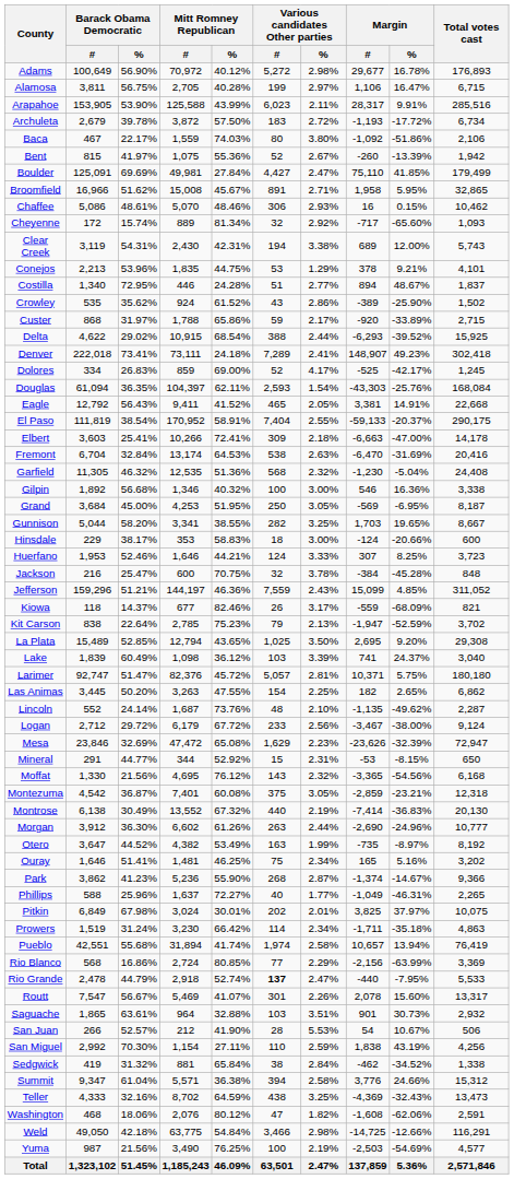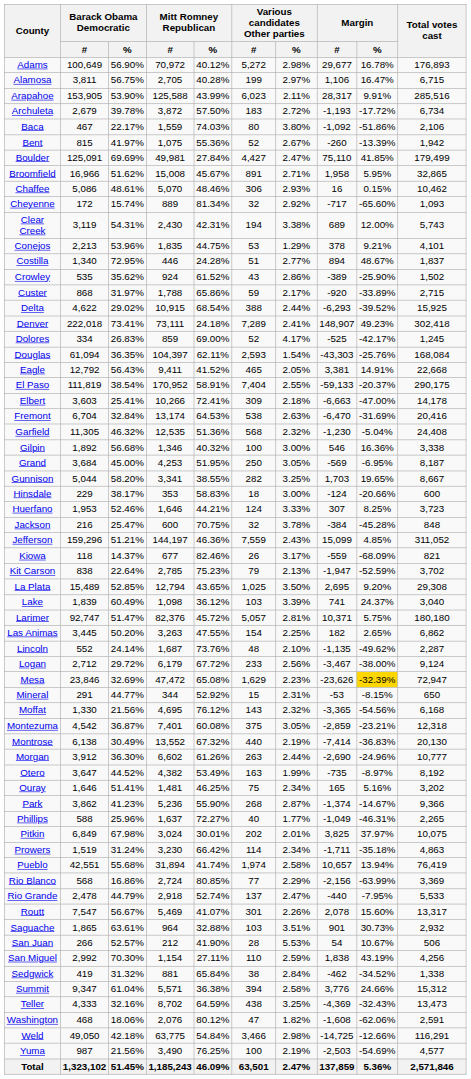 <table width="60%"  class="wikitable sortable" style="text-align:center">
 <tr>
 <th style="text-align:center;" rowspan="2">County</th>
 <th style="text-align:center;" colspan="2">Barack Obama<br>Democratic</th>
 <th style="text-align:center;" colspan="2">Mitt Romney<br>Republican</th>
 <th style="text-align:center;" colspan="2">Various candidates<br>Other parties</th>
 <th style="text-align:center;" colspan="2">Margin</th>
 <th style="text-align:center;" rowspan="2">Total votes cast</th>
 </tr>
 <tr>
 <th style="text-align:center;" data-sort-type="number">#</th>
 <th style="text-align:center;" data-sort-type="number">%</th>
 <th style="text-align:center;" data-sort-type="number">#</th>
 <th style="text-align:center;" data-sort-type="number">%</th>
 <th style="text-align:center;" data-sort-type="number">#</th>
 <th style="text-align:center;" data-sort-type="number">%</th>
 <th style="text-align:center;" data-sort-type="number">#</th>
 <th style="text-align:center;" data-sort-type="number">%</th>
 </tr>
 <tr style="text-align:center;">
 <td><a href='#'>Adams</a></td>
 <td>100,649</td>
 <td>56.90%</td>
 <td>70,972</td>
 <td>40.12%</td>
 <td>5,272</td>
 <td>2.98%</td>
 <td>29,677</td>
 <td>16.78%</td>
 <td>176,893</td>
 </tr>
 <tr style="text-align:center;">
 <td><a href='#'>Alamosa</a></td>
 <td>3,811</td>
 <td>56.75%</td>
 <td>2,705</td>
 <td>40.28%</td>
 <td>199</td>
 <td>2.97%</td>
 <td>1,106</td>
 <td>16.47%</td>
 <td>6,715</td>
 </tr>
 <tr style="text-align:center;">
 <td><a href='#'>Arapahoe</a></td>
 <td>153,905</td>
 <td>53.90%</td>
 <td>125,588</td>
 <td>43.99%</td>
 <td>6,023</td>
 <td>2.11%</td>
 <td>28,317</td>
 <td>9.91%</td>
 <td>285,516</td>
 </tr>
 <tr style="text-align:center;">
 <td><a href='#'>Archuleta</a></td>
 <td>2,679</td>
 <td>39.78%</td>
 <td>3,872</td>
 <td>57.50%</td>
 <td>183</td>
 <td>2.72%</td>
 <td>-1,193</td>
 <td>-17.72%</td>
 <td>6,734</td>
 </tr>
 <tr style="text-align:center;">
 <td><a href='#'>Baca</a></td>
 <td>467</td>
 <td>22.17%</td>
 <td>1,559</td>
 <td>74.03%</td>
 <td>80</td>
 <td>3.80%</td>
 <td>-1,092</td>
 <td>-51.86%</td>
 <td>2,106</td>
 </tr>
 <tr style="text-align:center;">
 <td><a href='#'>Bent</a></td>
 <td>815</td>
 <td>41.97%</td>
 <td>1,075</td>
 <td>55.36%</td>
 <td>52</td>
 <td>2.67%</td>
 <td>-260</td>
 <td>-13.39%</td>
 <td>1,942</td>
 </tr>
 <tr style="text-align:center;">
 <td><a href='#'>Boulder</a></td>
 <td>125,091</td>
 <td>69.69%</td>
 <td>49,981</td>
 <td>27.84%</td>
 <td>4,427</td>
 <td>2.47%</td>
 <td>75,110</td>
 <td>41.85%</td>
 <td>179,499</td>
 </tr>
 <tr style="text-align:center;">
 <td><a href='#'>Broomfield</a></td>
 <td>16,966</td>
 <td>51.62%</td>
 <td>15,008</td>
 <td>45.67%</td>
 <td>891</td>
 <td>2.71%</td>
 <td>1,958</td>
 <td>5.95%</td>
 <td>32,865</td>
 </tr>
 <tr style="text-align:center;">
 <td><a href='#'>Chaffee</a></td>
 <td>5,086</td>
 <td>48.61%</td>
 <td>5,070</td>
 <td>48.46%</td>
 <td>306</td>
 <td>2.93%</td>
 <td>16</td>
 <td>0.15%</td>
 <td>10,462</td>
 </tr>
 <tr style="text-align:center;">
 <td><a href='#'>Cheyenne</a></td>
 <td>172</td>
 <td>15.74%</td>
 <td>889</td>
 <td>81.34%</td>
 <td>32</td>
 <td>2.92%</td>
 <td>-717</td>
 <td>-65.60%</td>
 <td>1,093</td>
 </tr>
 <tr style="text-align:center;">
 <td><a href='#'>Clear Creek</a></td>
 <td>3,119</td>
 <td>54.31%</td>
 <td>2,430</td>
 <td>42.31%</td>
 <td>194</td>
 <td>3.38%</td>
 <td>689</td>
 <td>12.00%</td>
 <td>5,743</td>
 </tr>
 <tr style="text-align:center;">
 <td><a href='#'>Conejos</a></td>
 <td>2,213</td>
 <td>53.96%</td>
 <td>1,835</td>
 <td>44.75%</td>
 <td>53</td>
 <td>1.29%</td>
 <td>378</td>
 <td>9.21%</td>
 <td>4,101</td>
 </tr>
 <tr style="text-align:center;">
 <td><a href='#'>Costilla</a></td>
 <td>1,340</td>
 <td>72.95%</td>
 <td>446</td>
 <td>24.28%</td>
 <td>51</td>
 <td>2.77%</td>
 <td>894</td>
 <td>48.67%</td>
 <td>1,837</td>
 </tr>
 <tr style="text-align:center;">
 <td><a href='#'>Crowley</a></td>
 <td>535</td>
 <td>35.62%</td>
 <td>924</td>
 <td>61.52%</td>
 <td>43</td>
 <td>2.86%</td>
 <td>-389</td>
 <td>-25.90%</td>
 <td>1,502</td>
 </tr>
 <tr style="text-align:center;">
 <td><a href='#'>Custer</a></td>
 <td>868</td>
 <td>31.97%</td>
 <td>1,788</td>
 <td>65.86%</td>
 <td>59</td>
 <td>2.17%</td>
 <td>-920</td>
 <td>-33.89%</td>
 <td>2,715</td>
 </tr>
 <tr style="text-align:center;">
 <td><a href='#'>Delta</a></td>
 <td>4,622</td>
 <td>29.02%</td>
 <td>10,915</td>
 <td>68.54%</td>
 <td>388</td>
 <td>2.44%</td>
 <td>-6,293</td>
 <td>-39.52%</td>
 <td>15,925</td>
 </tr>
 <tr style="text-align:center;">
 <td><a href='#'>Denver</a></td>
 <td>222,018</td>
 <td>73.41%</td>
 <td>73,111</td>
 <td>24.18%</td>
 <td>7,289</td>
 <td>2.41%</td>
 <td>148,907</td>
 <td>49.23%</td>
 <td>302,418</td>
 </tr>
 <tr style="text-align:center;">
 <td><a href='#'>Dolores</a></td>
 <td>334</td>
 <td>26.83%</td>
 <td>859</td>
 <td>69.00%</td>
 <td>52</td>
 <td>4.17%</td>
 <td>-525</td>
 <td>-42.17%</td>
 <td>1,245</td>
 </tr>
 <tr style="text-align:center;">
 <td><a href='#'>Douglas</a></td>
 <td>61,094</td>
 <td>36.35%</td>
 <td>104,397</td>
 <td>62.11%</td>
 <td>2,593</td>
 <td>1.54%</td>
 <td>-43,303</td>
 <td>-25.76%</td>
 <td>168,084</td>
 </tr>
 <tr style="text-align:center;">
 <td><a href='#'>Eagle</a></td>
 <td>12,792</td>
 <td>56.43%</td>
 <td>9,411</td>
 <td>41.52%</td>
 <td>465</td>
 <td>2.05%</td>
 <td>3,381</td>
 <td>14.91%</td>
 <td>22,668</td>
 </tr>
 <tr style="text-align:center;">
 <td><a href='#'>El Paso</a></td>
 <td>111,819</td>
 <td>38.54%</td>
 <td>170,952</td>
 <td>58.91%</td>
 <td>7,404</td>
 <td>2.55%</td>
 <td>-59,133</td>
 <td>-20.37%</td>
 <td>290,175</td>
 </tr>
 <tr style="text-align:center;">
 <td><a href='#'>Elbert</a></td>
 <td>3,603</td>
 <td>25.41%</td>
 <td>10,266</td>
 <td>72.41%</td>
 <td>309</td>
 <td>2.18%</td>
 <td>-6,663</td>
 <td>-47.00%</td>
 <td>14,178</td>
 </tr>
 <tr style="text-align:center;">
 <td><a href='#'>Fremont</a></td>
 <td>6,704</td>
 <td>32.84%</td>
 <td>13,174</td>
 <td>64.53%</td>
 <td>538</td>
 <td>2.63%</td>
 <td>-6,470</td>
 <td>-31.69%</td>
 <td>20,416</td>
 </tr>
 <tr style="text-align:center;">
 <td><a href='#'>Garfield</a></td>
 <td>11,305</td>
 <td>46.32%</td>
 <td>12,535</td>
 <td>51.36%</td>
 <td>568</td>
 <td>2.32%</td>
 <td>-1,230</td>
 <td>-5.04%</td>
 <td>24,408</td>
 </tr>
 <tr style="text-align:center;">
 <td><a href='#'>Gilpin</a></td>
 <td>1,892</td>
 <td>56.68%</td>
 <td>1,346</td>
 <td>40.32%</td>
 <td>100</td>
 <td>3.00%</td>
 <td>546</td>
 <td>16.36%</td>
 <td>3,338</td>
 </tr>
 <tr style="text-align:center;">
 <td><a href='#'>Grand</a></td>
 <td>3,684</td>
 <td>45.00%</td>
 <td>4,253</td>
 <td>51.95%</td>
 <td>250</td>
 <td>3.05%</td>
 <td>-569</td>
 <td>-6.95%</td>
 <td>8,187</td>
 </tr>
 <tr style="text-align:center;">
 <td><a href='#'>Gunnison</a></td>
 <td>5,044</td>
 <td>58.20%</td>
 <td>3,341</td>
 <td>38.55%</td>
 <td>282</td>
 <td>3.25%</td>
 <td>1,703</td>
 <td>19.65%</td>
 <td>8,667</td>
 </tr>
 <tr style="text-align:center;">
 <td><a href='#'>Hinsdale</a></td>
 <td>229</td>
 <td>38.17%</td>
 <td>353</td>
 <td>58.83%</td>
 <td>18</td>
 <td>3.00%</td>
 <td>-124</td>
 <td>-20.66%</td>
 <td>600</td>
 </tr>
 <tr style="text-align:center;">
 <td><a href='#'>Huerfano</a></td>
 <td>1,953</td>
 <td>52.46%</td>
 <td>1,646</td>
 <td>44.21%</td>
 <td>124</td>
 <td>3.33%</td>
 <td>307</td>
 <td>8.25%</td>
 <td>3,723</td>
 </tr>
 <tr style="text-align:center;">
 <td><a href='#'>Jackson</a></td>
 <td>216</td>
 <td>25.47%</td>
 <td>600</td>
 <td>70.75%</td>
 <td>32</td>
 <td>3.78%</td>
 <td>-384</td>
 <td>-45.28%</td>
 <td>848</td>
 </tr>
 <tr style="text-align:center;">
 <td><a href='#'>Jefferson</a></td>
 <td>159,296</td>
 <td>51.21%</td>
 <td>144,197</td>
 <td>46.36%</td>
 <td>7,559</td>
 <td>2.43%</td>
 <td>15,099</td>
 <td>4.85%</td>
 <td>311,052</td>
 </tr>
 <tr style="text-align:center;">
 <td><a href='#'>Kiowa</a></td>
 <td>118</td>
 <td>14.37%</td>
 <td>677</td>
 <td>82.46%</td>
 <td>26</td>
 <td>3.17%</td>
 <td>-559</td>
 <td>-68.09%</td>
 <td>821</td>
 </tr>
 <tr style="text-align:center;">
 <td><a href='#'>Kit Carson</a></td>
 <td>838</td>
 <td>22.64%</td>
 <td>2,785</td>
 <td>75.23%</td>
 <td>79</td>
 <td>2.13%</td>
 <td>-1,947</td>
 <td>-52.59%</td>
 <td>3,702</td>
 </tr>
 <tr style="text-align:center;">
 <td><a href='#'>La Plata</a></td>
 <td>15,489</td>
 <td>52.85%</td>
 <td>12,794</td>
 <td>43.65%</td>
 <td>1,025</td>
 <td>3.50%</td>
 <td>2,695</td>
 <td>9.20%</td>
 <td>29,308</td>
 </tr>
 <tr style="text-align:center;">
 <td><a href='#'>Lake</a></td>
 <td>1,839</td>
 <td>60.49%</td>
 <td>1,098</td>
 <td>36.12%</td>
 <td>103</td>
 <td>3.39%</td>
 <td>741</td>
 <td>24.37%</td>
 <td>3,040</td>
 </tr>
 <tr style="text-align:center;">
 <td><a href='#'>Larimer</a></td>
 <td>92,747</td>
 <td>51.47%</td>
 <td>82,376</td>
 <td>45.72%</td>
 <td>5,057</td>
 <td>2.81%</td>
 <td>10,371</td>
 <td>5.75%</td>
 <td>180,180</td>
 </tr>
 <tr style="text-align:center;">
 <td><a href='#'>Las Animas</a></td>
 <td>3,445</td>
 <td>50.20%</td>
 <td>3,263</td>
 <td>47.55%</td>
 <td>154</td>
 <td>2.25%</td>
 <td>182</td>
 <td>2.65%</td>
 <td>6,862</td>
 </tr>
 <tr style="text-align:center;">
 <td><a href='#'>Lincoln</a></td>
 <td>552</td>
 <td>24.14%</td>
 <td>1,687</td>
 <td>73.76%</td>
 <td>48</td>
 <td>2.10%</td>
 <td>-1,135</td>
 <td>-49.62%</td>
 <td>2,287</td>
 </tr>
 <tr style="text-align:center;">
 <td><a href='#'>Logan</a></td>
 <td>2,712</td>
 <td>29.72%</td>
 <td>6,179</td>
 <td>67.72%</td>
 <td>233</td>
 <td>2.56%</td>
 <td>-3,467</td>
 <td>-38.00%</td>
 <td>9,124</td>
 </tr>
 <tr style="text-align:center;">
 <td><a href='#'>Mesa</a></td>
 <td>23,846</td>
 <td>32.69%</td>
 <td>47,472</td>
 <td>65.08%</td>
 <td>1,629</td>
 <td>2.23%</td>
 <td>-23,626</td>
-<td>-32.39%</td>
+<td style="background: gold;">-32.39%</td>
 <td>72,947</td>
 </tr>
 <tr style="text-align:center;">
 <td><a href='#'>Mineral</a></td>
 <td>291</td>
 <td>44.77%</td>
 <td>344</td>
 <td>52.92%</td>
 <td>15</td>
 <td>2.31%</td>
 <td>-53</td>
 <td>-8.15%</td>
 <td>650</td>
 </tr>
 <tr style="text-align:center;">
 <td><a href='#'>Moffat</a></td>
 <td>1,330</td>
 <td>21.56%</td>
 <td>4,695</td>
 <td>76.12%</td>
 <td>143</td>
 <td>2.32%</td>
 <td>-3,365</td>
 <td>-54.56%</td>
 <td>6,168</td>
 </tr>
 <tr style="text-align:center;">
 <td><a href='#'>Montezuma</a></td>
 <td>4,542</td>
 <td>36.87%</td>
 <td>7,401</td>
 <td>60.08%</td>
 <td>375</td>
 <td>3.05%</td>
 <td>-2,859</td>
 <td>-23.21%</td>
 <td>12,318</td>
 </tr>
 <tr style="text-align:center;">
 <td><a href='#'>Montrose</a></td>
 <td>6,138</td>
 <td>30.49%</td>
 <td>13,552</td>
 <td>67.32%</td>
 <td>440</td>
 <td>2.19%</td>
 <td>-7,414</td>
 <td>-36.83%</td>
 <td>20,130</td>
 </tr>
 <tr style="text-align:center;">
 <td><a href='#'>Morgan</a></td>
 <td>3,912</td>
 <td>36.30%</td>
 <td>6,602</td>
 <td>61.26%</td>
 <td>263</td>
 <td>2.44%</td>
 <td>-2,690</td>
 <td>-24.96%</td>
 <td>10,777</td>
 </tr>
 <tr style="text-align:center;">
 <td><a href='#'>Otero</a></td>
 <td>3,647</td>
 <td>44.52%</td>
 <td>4,382</td>
 <td>53.49%</td>
 <td>163</td>
 <td>1.99%</td>
 <td>-735</td>
 <td>-8.97%</td>
 <td>8,192</td>
 </tr>
 <tr style="text-align:center;">
 <td><a href='#'>Ouray</a></td>
 <td>1,646</td>
 <td>51.41%</td>
 <td>1,481</td>
 <td>46.25%</td>
 <td>75</td>
 <td>2.34%</td>
 <td>165</td>
 <td>5.16%</td>
 <td>3,202</td>
 </tr>
 <tr style="text-align:center;">
 <td><a href='#'>Park</a></td>
 <td>3,862</td>
 <td>41.23%</td>
 <td>5,236</td>
 <td>55.90%</td>
 <td>268</td>
 <td>2.87%</td>
 <td>-1,374</td>
 <td>-14.67%</td>
 <td>9,366</td>
 </tr>
 <tr style="text-align:center;">
 <td><a href='#'>Phillips</a></td>
 <td>588</td>
 <td>25.96%</td>
 <td>1,637</td>
 <td>72.27%</td>
 <td>40</td>
 <td>1.77%</td>
 <td>-1,049</td>
 <td>-46.31%</td>
 <td>2,265</td>
 </tr>
 <tr style="text-align:center;">
 <td><a href='#'>Pitkin</a></td>
 <td>6,849</td>
 <td>67.98%</td>
 <td>3,024</td>
 <td>30.01%</td>
 <td>202</td>
 <td>2.01%</td>
 <td>3,825</td>
 <td>37.97%</td>
 <td>10,075</td>
 </tr>
 <tr style="text-align:center;">
 <td><a href='#'>Prowers</a></td>
 <td>1,519</td>
 <td>31.24%</td>
 <td>3,230</td>
 <td>66.42%</td>
 <td>114</td>
 <td>2.34%</td>
 <td>-1,711</td>
 <td>-35.18%</td>
 <td>4,863</td>
 </tr>
 <tr style="text-align:center;">
 <td><a href='#'>Pueblo</a></td>
 <td>42,551</td>
 <td>55.68%</td>
 <td>31,894</td>
 <td>41.74%</td>
 <td>1,974</td>
 <td>2.58%</td>
 <td>10,657</td>
 <td>13.94%</td>
 <td>76,419</td>
 </tr>
 <tr style="text-align:center;">
 <td><a href='#'>Rio Blanco</a></td>
 <td>568</td>
 <td>16.86%</td>
 <td>2,724</td>
 <td>80.85%</td>
 <td>77</td>
 <td>2.29%</td>
 <td>-2,156</td>
 <td>-63.99%</td>
 <td>3,369</td>
 </tr>
 <tr style="text-align:center;">
 <td><a href='#'>Rio Grande</a></td>
 <td>2,478</td>
 <td>44.79%</td>
 <td>2,918</td>
 <td>52.74%</td>
-<td><strong>137</strong></td>
+<td>137</td>
 <td>2.47%</td>
 <td>-440</td>
 <td>-7.95%</td>
 <td>5,533</td>
 </tr>
 <tr style="text-align:center;">
 <td><a href='#'>Routt</a></td>
 <td>7,547</td>
 <td>56.67%</td>
 <td>5,469</td>
 <td>41.07%</td>
 <td>301</td>
 <td>2.26%</td>
 <td>2,078</td>
 <td>15.60%</td>
 <td>13,317</td>
 </tr>
 <tr style="text-align:center;">
 <td><a href='#'>Saguache</a></td>
 <td>1,865</td>
 <td>63.61%</td>
 <td>964</td>
 <td>32.88%</td>
 <td>103</td>
 <td>3.51%</td>
 <td>901</td>
 <td>30.73%</td>
 <td>2,932</td>
 </tr>
 <tr style="text-align:center;">
 <td><a href='#'>San Juan</a></td>
 <td>266</td>
 <td>52.57%</td>
 <td>212</td>
 <td>41.90%</td>
 <td>28</td>
 <td>5.53%</td>
 <td>54</td>
 <td>10.67%</td>
 <td>506</td>
 </tr>
 <tr style="text-align:center;">
 <td><a href='#'>San Miguel</a></td>
 <td>2,992</td>
 <td>70.30%</td>
 <td>1,154</td>
 <td>27.11%</td>
 <td>110</td>
 <td>2.59%</td>
 <td>1,838</td>
 <td>43.19%</td>
 <td>4,256</td>
 </tr>
 <tr style="text-align:center;">
 <td><a href='#'>Sedgwick</a></td>
 <td>419</td>
 <td>31.32%</td>
 <td>881</td>
 <td>65.84%</td>
 <td>38</td>
 <td>2.84%</td>
 <td>-462</td>
 <td>-34.52%</td>
 <td>1,338</td>
 </tr>
 <tr style="text-align:center;">
 <td><a href='#'>Summit</a></td>
 <td>9,347</td>
 <td>61.04%</td>
 <td>5,571</td>
 <td>36.38%</td>
 <td>394</td>
 <td>2.58%</td>
 <td>3,776</td>
 <td>24.66%</td>
 <td>15,312</td>
 </tr>
 <tr style="text-align:center;">
 <td><a href='#'>Teller</a></td>
 <td>4,333</td>
 <td>32.16%</td>
 <td>8,702</td>
 <td>64.59%</td>
 <td>438</td>
 <td>3.25%</td>
 <td>-4,369</td>
 <td>-32.43%</td>
 <td>13,473</td>
 </tr>
 <tr style="text-align:center;">
 <td><a href='#'>Washington</a></td>
 <td>468</td>
 <td>18.06%</td>
 <td>2,076</td>
 <td>80.12%</td>
 <td>47</td>
 <td>1.82%</td>
 <td>-1,608</td>
 <td>-62.06%</td>
 <td>2,591</td>
 </tr>
 <tr style="text-align:center;">
 <td><a href='#'>Weld</a></td>
 <td>49,050</td>
 <td>42.18%</td>
 <td>63,775</td>
 <td>54.84%</td>
 <td>3,466</td>
 <td>2.98%</td>
 <td>-14,725</td>
 <td>-12.66%</td>
 <td>116,291</td>
 </tr>
 <tr style="text-align:center;">
 <td><a href='#'>Yuma</a></td>
 <td>987</td>
 <td>21.56%</td>
 <td>3,490</td>
 <td>76.25%</td>
 <td>100</td>
 <td>2.19%</td>
 <td>-2,503</td>
 <td>-54.69%</td>
 <td>4,577</td>
 </tr>
 <tr>
 <th>Total</th>
 <th>1,323,102</th>
 <th>51.45%</th>
 <th>1,185,243</th>
 <th>46.09%</th>
 <th>63,501</th>
 <th>2.47%</th>
 <th>137,859</th>
 <th>5.36%</th>
 <th>2,571,846</th>
 </tr>
 </table>
